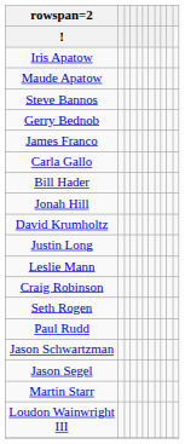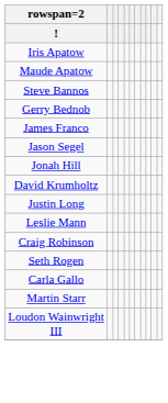 <table class="wikitable" style="text-align:center;font-size:100%;vertical-align:bottom;">
 <tr>
 <th>rowspan=2 </th>
 <th></th>
 <th></th>
 <th></th>
 <th></th>
 <th></th>
 <th></th>
 <th></th>
 <th></th>
 <th></th>
 <th></th>
 </tr>
 <tr>
 <th>! </th>
 <th></th>
 <th></th>
 <th></th>
 <th></th>
 <th></th>
 <th></th>
 <th></th>
 <th></th>
 <th></th>
 </tr>
 <tr>
 <td width="130"><a href='#'>Iris Apatow</a></td>
 <td></td>
 <td></td>
 <td></td>
 <td></td>
 <td></td>
 <td></td>
 <td></td>
 <td></td>
 <td></td>
 <td></td>
 </tr>
 <tr>
 <td width=65><a href='#'>Maude Apatow</a></td>
 <td></td>
 <td></td>
 <td></td>
 <td></td>
 <td></td>
 <td></td>
 <td></td>
 <td></td>
 <td></td>
 <td></td>
 </tr>
 <tr>
 <td width=65><a href='#'>Steve Bannos</a></td>
 <td></td>
 <td></td>
 <td></td>
 <td></td>
 <td></td>
 <td></td>
 <td></td>
 <td></td>
 <td></td>
 <td></td>
 </tr>
 <tr>
 <td width=65><a href='#'>Gerry Bednob</a></td>
 <td></td>
 <td></td>
 <td></td>
 <td></td>
 <td></td>
 <td></td>
 <td></td>
 <td></td>
 <td></td>
 <td></td>
 </tr>
 <tr>
 <td width=65><a href='#'>James Franco</a></td>
 <td></td>
 <td></td>
 <td></td>
 <td></td>
 <td></td>
 <td></td>
 <td></td>
 <td></td>
 <td></td>
 <td></td>
 </tr>
 <tr>
-<td width=65><a href='#'>Carla Gallo</a></td>
-<td></td>
-<td></td>
-<td></td>
-<td></td>
-<td></td>
-<td></td>
-<td></td>
-<td></td>
-<td></td>
-<td></td>
-</tr>
-<tr>
-<td width=65><a href='#'>Bill Hader</a></td>
+<td width=65><a href='#'>Jason Segel</a></td>
 <td></td>
 <td></td>
 <td></td>
 <td></td>
 <td></td>
 <td></td>
 <td></td>
 <td></td>
 <td></td>
 <td></td>
 </tr>
 <tr>
 <td width=65><a href='#'>Jonah Hill</a></td>
 <td></td>
 <td></td>
 <td></td>
 <td></td>
 <td></td>
 <td></td>
 <td></td>
 <td></td>
 <td></td>
 <td></td>
 </tr>
 <tr>
 <td width=65><a href='#'>David Krumholtz</a></td>
 <td></td>
 <td></td>
 <td></td>
 <td></td>
 <td></td>
 <td></td>
 <td></td>
 <td></td>
 <td></td>
 <td></td>
 </tr>
 <tr>
 <td width=65><a href='#'>Justin Long</a></td>
 <td></td>
 <td></td>
 <td></td>
 <td></td>
 <td></td>
 <td></td>
 <td></td>
 <td></td>
 <td></td>
 <td></td>
 </tr>
 <tr>
 <td width=65><a href='#'>Leslie Mann</a></td>
 <td></td>
 <td></td>
 <td></td>
 <td></td>
 <td></td>
 <td></td>
 <td></td>
 <td></td>
 <td></td>
 <td></td>
 </tr>
 <tr>
 <td width=65><a href='#'>Craig Robinson</a></td>
 <td></td>
 <td></td>
 <td></td>
 <td></td>
 <td></td>
 <td></td>
 <td></td>
 <td></td>
 <td></td>
 <td></td>
 </tr>
 <tr>
 <td width=65><a href='#'>Seth Rogen</a></td>
 <td></td>
 <td></td>
 <td></td>
 <td></td>
 <td></td>
 <td></td>
 <td></td>
 <td></td>
 <td></td>
 <td></td>
 </tr>
 <tr>
-<td width=65><a href='#'>Paul Rudd</a></td>
-<td></td>
-<td></td>
-<td></td>
-<td></td>
-<td></td>
-<td></td>
-<td></td>
-<td></td>
-<td></td>
-<td></td>
-</tr>
-<tr>
-<td width=65><a href='#'>Jason Schwartzman</a></td>
-<td></td>
-<td></td>
-<td></td>
-<td></td>
-<td></td>
-<td></td>
-<td></td>
-<td></td>
-<td></td>
-<td></td>
-</tr>
-<tr>
-<td width=65><a href='#'>Jason Segel</a></td>
+<td width=65><a href='#'>Carla Gallo</a></td>
 <td></td>
 <td></td>
 <td></td>
 <td></td>
 <td></td>
 <td></td>
 <td></td>
 <td></td>
 <td></td>
 <td></td>
 </tr>
 <tr>
 <td width=65><a href='#'>Martin Starr</a></td>
 <td></td>
 <td></td>
 <td></td>
 <td></td>
 <td></td>
 <td></td>
 <td></td>
 <td></td>
 <td></td>
 <td></td>
 </tr>
 <tr>
 <td width=65><a href='#'>Loudon Wainwright III</a></td>
 <td></td>
 <td></td>
 <td></td>
 <td></td>
 <td></td>
 <td></td>
 <td></td>
 <td></td>
 <td></td>
 <td></td>
 </tr>
 <tr>
 </tr>
 </table>
